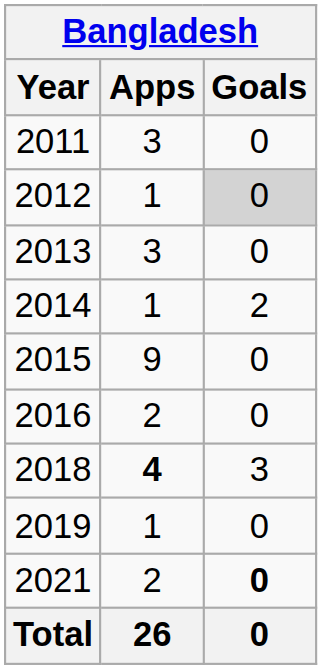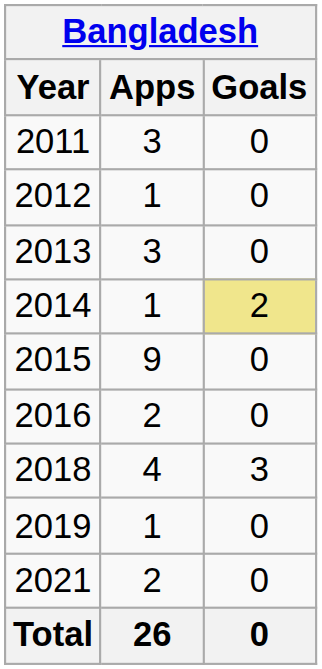 <table class="wikitable" style="text-align:center">
 <tr>
 <th colspan=10><a href='#'>Bangladesh</a></th>
 </tr>
 <tr>
 <th>Year</th>
 <th>Apps</th>
 <th>Goals</th>
 </tr>
 <tr>
 <td>2011</td>
 <td>3</td>
 <td>0</td>
 </tr>
 <tr>
 <td>2012</td>
 <td>1</td>
-<td style="background: lightgrey;">0</td>
+<td>0</td>
 </tr>
 <tr>
 <td>2013</td>
 <td>3</td>
 <td>0</td>
 </tr>
 <tr>
 <td>2014</td>
 <td>1</td>
-<td>2</td>
+<td style="background: khaki;">2</td>
 </tr>
 <tr>
 <td>2015</td>
 <td>9</td>
 <td>0</td>
 </tr>
 <tr>
 <td>2016</td>
 <td>2</td>
 <td>0</td>
 </tr>
 <tr>
 <td>2018</td>
-<td><strong>4</strong></td>
+<td>4</td>
 <td>3</td>
 </tr>
 <tr>
 <td>2019</td>
 <td>1</td>
 <td>0</td>
 </tr>
 <tr>
 <td>2021</td>
 <td>2</td>
-<td><strong>0</strong></td>
+<td>0</td>
 </tr>
 <tr>
 <th>Total</th>
 <th>26</th>
 <th>0</th>
 </tr>
 </table>
